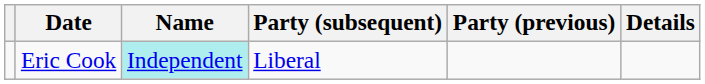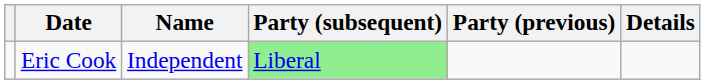 <table class="sortable wikitable">
 <tr>
 <th class="unsortable"></th>
 <th>Date</th>
 <th>Name</th>
 <th>Party (subsequent)</th>
 <th>Party (previous)</th>
 <th>Details</th>
 </tr>
 <tr>
 <td></td>
 <td><a href='#'>Eric Cook</a></td>
-<td style="background: paleturquoise;"><a href='#'>Independent</a></td>
-<td><a href='#'>Liberal</a></td>
+<td><a href='#'>Independent</a></td>
+<td style="background: lightgreen;"><a href='#'>Liberal</a></td>
 <td></td>
 </tr>
 </table>
